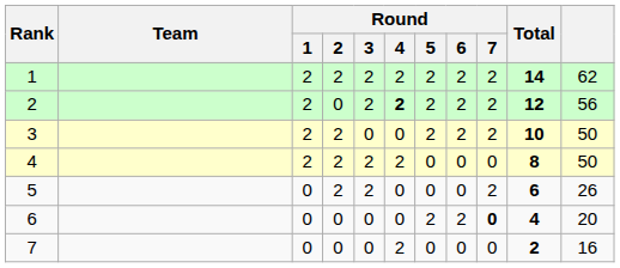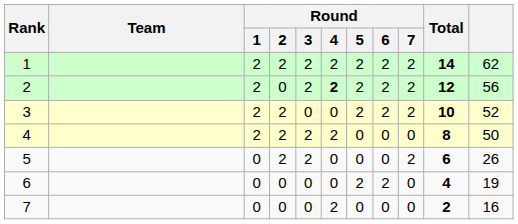 <table class=wikitable style="text-align:center">
 <tr>
 <th rowspan="2" width=40>Rank</th>
 <th rowspan="2" width=200>Team</th>
 <th colspan="7">Round</th>
 <th rowspan="2" width=40>Total</th>
 <th rowspan="2" width=40></th>
 </tr>
 <tr>
 <th width=20>1</th>
 <th width=20>2</th>
 <th width=20>3</th>
 <th width=20>4</th>
 <th width=20>5</th>
 <th width=20>6</th>
 <th width=20>7</th>
 </tr>
 <tr bgcolor="ccffcc">
 <td>1</td>
 <td align=left></td>
 <td>2</td>
 <td>2</td>
 <td>2</td>
 <td>2</td>
 <td>2</td>
 <td>2</td>
 <td>2</td>
 <td><strong>14</strong></td>
 <td>62</td>
 </tr>
 <tr bgcolor="ccffcc">
 <td>2</td>
 <td align=left></td>
 <td>2</td>
 <td>0</td>
 <td>2</td>
 <td><strong>2</strong></td>
 <td>2</td>
 <td>2</td>
 <td>2</td>
 <td><strong>12</strong></td>
 <td>56</td>
 </tr>
 <tr bgcolor="#ffffcc">
 <td>3</td>
 <td align=left></td>
 <td>2</td>
 <td>2</td>
 <td>0</td>
 <td>0</td>
 <td>2</td>
 <td>2</td>
 <td>2</td>
 <td><strong>10</strong></td>
-<td>50</td>
+<td>52</td>
 </tr>
 <tr bgcolor="#ffffcc">
 <td>4</td>
 <td align=left></td>
 <td>2</td>
 <td>2</td>
 <td>2</td>
 <td>2</td>
 <td>0</td>
 <td>0</td>
 <td>0</td>
 <td><strong>8</strong></td>
 <td>50</td>
 </tr>
 <tr>
 <td>5</td>
 <td align=left></td>
 <td>0</td>
 <td>2</td>
 <td>2</td>
 <td>0</td>
 <td>0</td>
 <td>0</td>
 <td>2</td>
 <td><strong>6</strong></td>
 <td>26</td>
 </tr>
 <tr>
 <td>6</td>
 <td align=left></td>
 <td>0</td>
 <td>0</td>
 <td>0</td>
 <td>0</td>
 <td>2</td>
 <td>2</td>
-<td><strong>0</strong></td>
+<td>0</td>
 <td><strong>4</strong></td>
-<td>20</td>
+<td>19</td>
 </tr>
 <tr>
 <td>7</td>
 <td align=left></td>
 <td>0</td>
 <td>0</td>
 <td>0</td>
 <td>2</td>
 <td>0</td>
 <td>0</td>
 <td>0</td>
 <td><strong>2</strong></td>
 <td>16</td>
 </tr>
 </table>
